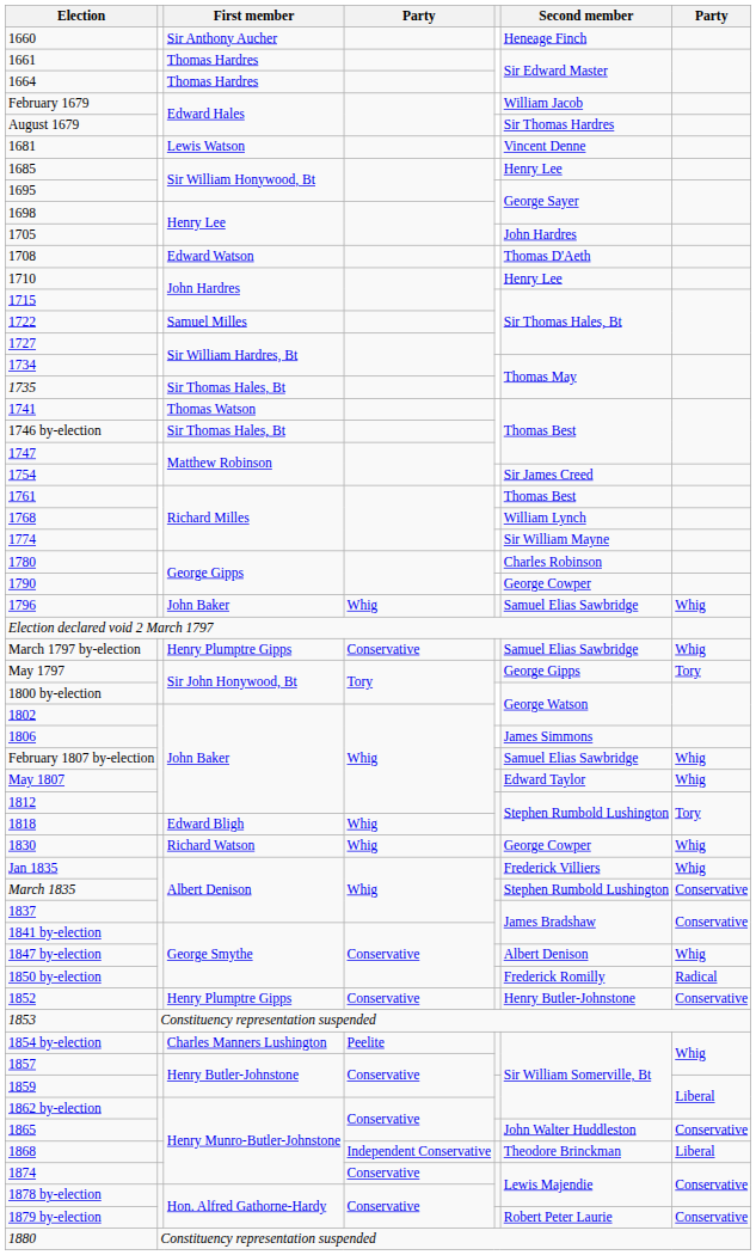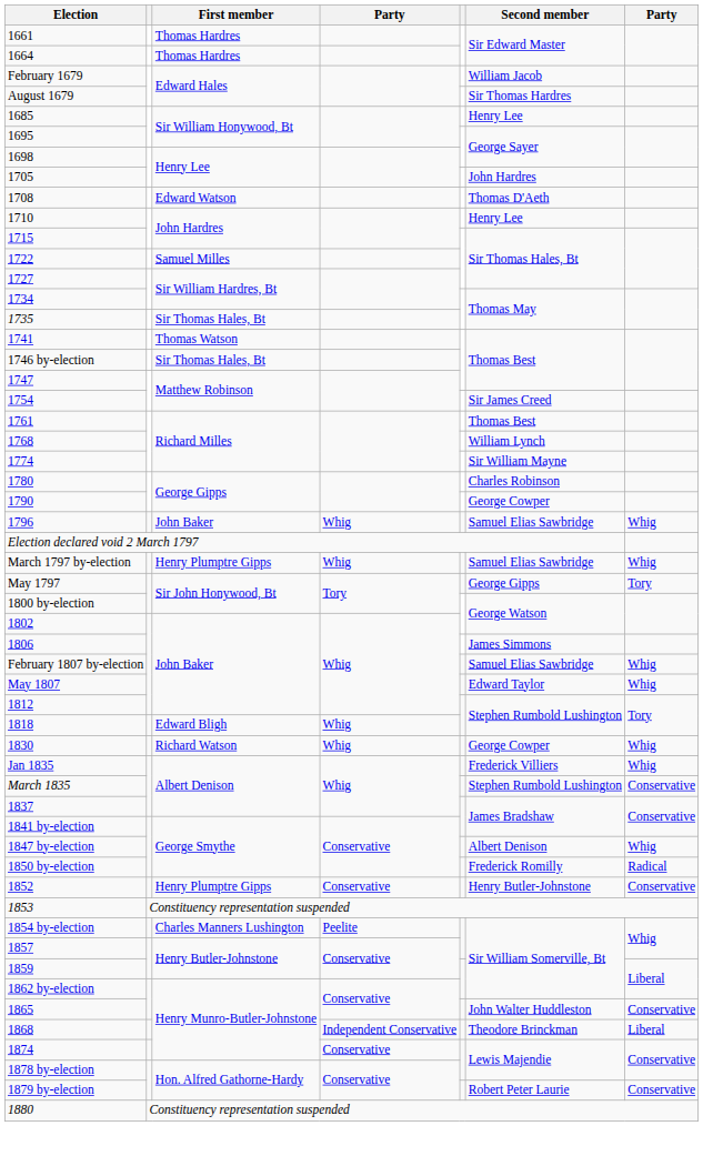 <table class="wikitable">
 <tr>
 <th>Election</th>
 <th></th>
 <th>First member</th>
 <th>Party</th>
 <th></th>
 <th>Second member</th>
 <th>Party</th>
-</tr>
-<tr>
-<td>1660</td>
-<td style="color:inherit;background-color: white"></td>
-<td><a href='#'>Sir Anthony Aucher</a></td>
-<td></td>
-<td style="color:inherit;background-color: white"></td>
-<td><a href='#'>Heneage Finch</a></td>
-<td></td>
 </tr>
 <tr>
 <td>1661</td>
 <td style="color:inherit;background-color: white"></td>
 <td><a href='#'>Thomas Hardres</a></td>
 <td></td>
 <td rowspan="2" style="color:inherit;background-color: white"></td>
 <td rowspan="2"><a href='#'>Sir Edward Master</a></td>
 <td rowspan="2"></td>
 </tr>
 <tr>
 <td>1664</td>
 <td style="color:inherit;background-color: white"></td>
 <td><a href='#'>Thomas Hardres</a></td>
 <td></td>
 </tr>
 <tr>
 <td>February 1679</td>
 <td rowspan="2" style="color:inherit;background-color: white"></td>
 <td rowspan="2"><a href='#'>Edward Hales</a></td>
 <td rowspan="2"></td>
 <td style="color:inherit;background-color: white"></td>
 <td><a href='#'>William Jacob</a></td>
 <td></td>
 </tr>
 <tr>
 <td>August 1679</td>
 <td style="color:inherit;background-color: white"></td>
 <td><a href='#'>Sir Thomas Hardres</a></td>
-<td></td>
-</tr>
-<tr>
-<td>1681</td>
-<td style="color:inherit;background-color: white"></td>
-<td><a href='#'>Lewis Watson</a></td>
-<td></td>
-<td style="color:inherit;background-color: white"></td>
-<td><a href='#'>Vincent Denne</a></td>
 <td></td>
 </tr>
 <tr>
 <td>1685</td>
 <td rowspan="2" style="color:inherit;background-color: white"></td>
 <td rowspan="2"><a href='#'>Sir William Honywood, Bt</a></td>
 <td rowspan="2"></td>
 <td style="color:inherit;background-color: white"></td>
 <td><a href='#'>Henry Lee</a></td>
 <td></td>
 </tr>
 <tr>
 <td>1695</td>
 <td rowspan="2" style="color:inherit;background-color: white"></td>
 <td rowspan="2"><a href='#'>George Sayer</a></td>
 <td rowspan="2"></td>
 </tr>
 <tr>
 <td>1698</td>
 <td rowspan="2" style="color:inherit;background-color: white"></td>
 <td rowspan="2"><a href='#'>Henry Lee</a></td>
 <td rowspan="2"></td>
 </tr>
 <tr>
 <td>1705</td>
 <td style="color:inherit;background-color: white"></td>
 <td><a href='#'>John Hardres</a></td>
 <td></td>
 </tr>
 <tr>
 <td>1708</td>
 <td style="color:inherit;background-color: white"></td>
 <td><a href='#'>Edward Watson</a></td>
 <td></td>
 <td style="color:inherit;background-color: white"></td>
 <td><a href='#'>Thomas D'Aeth</a></td>
 <td></td>
 </tr>
 <tr>
 <td>1710</td>
 <td rowspan="2" style="color:inherit;background-color: white"></td>
 <td rowspan="2"><a href='#'>John Hardres</a></td>
 <td rowspan="2"></td>
 <td style="color:inherit;background-color: white"></td>
 <td><a href='#'>Henry Lee</a></td>
 <td></td>
 </tr>
 <tr>
 <td><a href='#'>1715</a></td>
 <td rowspan="3" style="color:inherit;background-color: white"></td>
 <td rowspan="3"><a href='#'>Sir Thomas Hales, Bt</a></td>
 <td rowspan="3"></td>
 </tr>
 <tr>
 <td><a href='#'>1722</a></td>
 <td style="color:inherit;background-color: white"></td>
 <td><a href='#'>Samuel Milles</a></td>
 <td></td>
 </tr>
 <tr>
 <td><a href='#'>1727</a></td>
 <td rowspan="2" style="color:inherit;background-color: white"></td>
 <td rowspan="2"><a href='#'>Sir William Hardres, Bt</a></td>
 <td rowspan="2"></td>
 </tr>
 <tr>
 <td><a href='#'>1734</a></td>
 <td rowspan="2" style="color:inherit;background-color: white"></td>
 <td rowspan="2"><a href='#'>Thomas May</a></td>
 <td rowspan="2"></td>
 </tr>
 <tr>
 <td><em>1735</em></td>
 <td style="color:inherit;background-color: white"></td>
 <td><a href='#'>Sir Thomas Hales, Bt</a></td>
 <td></td>
 </tr>
 <tr>
 <td><a href='#'>1741</a></td>
 <td style="color:inherit;background-color: white"></td>
 <td><a href='#'>Thomas Watson</a></td>
 <td></td>
 <td rowspan="3" style="color:inherit;background-color: white"></td>
 <td rowspan="3"><a href='#'>Thomas Best</a></td>
 <td rowspan="3"></td>
 </tr>
 <tr>
 <td>1746 by-election</td>
 <td style="color:inherit;background-color: white"></td>
 <td><a href='#'>Sir Thomas Hales, Bt</a></td>
 <td></td>
 </tr>
 <tr>
 <td><a href='#'>1747</a></td>
 <td rowspan="2" style="color:inherit;background-color: white"></td>
 <td rowspan="2"><a href='#'>Matthew Robinson</a></td>
 <td rowspan="2"></td>
 </tr>
 <tr>
 <td><a href='#'>1754</a></td>
 <td style="color:inherit;background-color: white"></td>
 <td><a href='#'>Sir James Creed</a></td>
 <td></td>
 </tr>
 <tr>
 <td><a href='#'>1761</a></td>
 <td rowspan="3" style="color:inherit;background-color: white"></td>
 <td rowspan="3"><a href='#'>Richard Milles</a></td>
 <td rowspan="3"></td>
 <td style="color:inherit;background-color: white"></td>
 <td><a href='#'>Thomas Best</a></td>
 <td></td>
 </tr>
 <tr>
 <td><a href='#'>1768</a></td>
 <td style="color:inherit;background-color: white"></td>
 <td><a href='#'>William Lynch</a></td>
 <td></td>
 </tr>
 <tr>
 <td><a href='#'>1774</a></td>
 <td style="color:inherit;background-color: white"></td>
 <td><a href='#'>Sir William Mayne</a></td>
 <td></td>
 </tr>
 <tr>
 <td><a href='#'>1780</a></td>
 <td rowspan="2" style="color:inherit;background-color: white"></td>
 <td rowspan="2"><a href='#'>George Gipps</a></td>
 <td rowspan="2"></td>
 <td style="color:inherit;background-color: white"></td>
 <td><a href='#'>Charles Robinson</a></td>
 <td></td>
 </tr>
 <tr>
 <td><a href='#'>1790</a></td>
 <td style="color:inherit;background-color: white"></td>
 <td><a href='#'>George Cowper</a></td>
 <td></td>
 </tr>
 <tr>
 <td><a href='#'>1796</a></td>
 <td style="color:inherit;background-color: "></td>
 <td><a href='#'>John Baker</a></td>
 <td><a href='#'>Whig</a></td>
 <td style="color:inherit;background-color: "></td>
 <td><a href='#'>Samuel Elias Sawbridge</a></td>
 <td><a href='#'>Whig</a></td>
 </tr>
 <tr>
 <td colspan="6"><em>Election declared void 2 March 1797</em></td>
 </tr>
 <tr>
 <td>March 1797 by-election</td>
 <td style="color:inherit;background-color: "></td>
 <td><a href='#'>Henry Plumptre Gipps</a></td>
-<td><a href='#'>Conservative</a></td>
+<td><a href='#'>Whig</a></td>
 <td style="color:inherit;background-color: "></td>
 <td><a href='#'>Samuel Elias Sawbridge</a></td>
 <td><a href='#'>Whig</a></td>
 </tr>
 <tr>
 <td>May 1797</td>
 <td rowspan="2" style="color:inherit;background-color: "></td>
 <td rowspan="2"><a href='#'>Sir John Honywood, Bt</a></td>
 <td rowspan="2"><a href='#'>Tory</a></td>
 <td style="color:inherit;background-color: "></td>
 <td><a href='#'>George Gipps</a></td>
 <td><a href='#'>Tory</a></td>
 </tr>
 <tr>
 <td>1800 by-election</td>
 <td rowspan="2" style="color:inherit;background-color: white"></td>
 <td rowspan="2"><a href='#'>George Watson</a></td>
 <td rowspan="2"></td>
 </tr>
 <tr>
 <td><a href='#'>1802</a></td>
 <td rowspan="5" style="color:inherit;background-color: "></td>
 <td rowspan="5"><a href='#'>John Baker</a></td>
 <td rowspan="5"><a href='#'>Whig</a></td>
 </tr>
 <tr>
 <td><a href='#'>1806</a></td>
 <td style="color:inherit;background-color: white"></td>
 <td><a href='#'>James Simmons</a></td>
 <td></td>
 </tr>
 <tr>
 <td>February 1807 by-election</td>
 <td style="color:inherit;background-color: "></td>
 <td><a href='#'>Samuel Elias Sawbridge</a></td>
 <td><a href='#'>Whig</a></td>
 </tr>
 <tr>
 <td><a href='#'>May 1807</a></td>
 <td style="color:inherit;background-color: "></td>
 <td><a href='#'>Edward Taylor</a></td>
 <td><a href='#'>Whig</a></td>
 </tr>
 <tr>
 <td><a href='#'>1812</a></td>
 <td rowspan="2" style="color:inherit;background-color: "></td>
 <td rowspan="2"><a href='#'>Stephen Rumbold Lushington</a></td>
 <td rowspan="2"><a href='#'>Tory</a></td>
 </tr>
 <tr>
 <td><a href='#'>1818</a></td>
 <td style="color:inherit;background-color: "></td>
 <td><a href='#'>Edward Bligh</a></td>
 <td><a href='#'>Whig</a></td>
 </tr>
 <tr>
 <td><a href='#'>1830</a></td>
 <td style="color:inherit;background-color: "></td>
 <td><a href='#'>Richard Watson</a></td>
 <td><a href='#'>Whig</a></td>
 <td style="color:inherit;background-color: "></td>
 <td><a href='#'>George Cowper</a></td>
 <td><a href='#'>Whig</a></td>
 </tr>
 <tr>
 <td><a href='#'>Jan 1835</a></td>
 <td rowspan="3" style="color:inherit;background-color: "></td>
 <td rowspan="3"><a href='#'>Albert Denison</a></td>
 <td rowspan="3"><a href='#'>Whig</a></td>
 <td style="color:inherit;background-color: "></td>
 <td><a href='#'>Frederick Villiers</a></td>
 <td><a href='#'>Whig</a></td>
 </tr>
 <tr>
 <td><em>March 1835</em></td>
 <td style="color:inherit;background-color: "></td>
 <td><a href='#'>Stephen Rumbold Lushington</a></td>
 <td><a href='#'>Conservative</a></td>
 </tr>
 <tr>
 <td><a href='#'>1837</a></td>
 <td rowspan="2" style="color:inherit;background-color: "></td>
 <td rowspan="2"><a href='#'>James Bradshaw</a></td>
 <td rowspan="2"><a href='#'>Conservative</a></td>
 </tr>
 <tr>
 <td><a href='#'>1841 by-election</a></td>
 <td rowspan="3" style="color:inherit;background-color: "></td>
 <td rowspan="3"><a href='#'>George Smythe</a></td>
 <td rowspan="3"><a href='#'>Conservative</a></td>
 </tr>
 <tr>
 <td><a href='#'>1847 by-election</a></td>
 <td style="color:inherit;background-color: "></td>
 <td><a href='#'>Albert Denison</a></td>
 <td><a href='#'>Whig</a></td>
 </tr>
 <tr>
 <td><a href='#'>1850 by-election</a></td>
 <td style="color:inherit;background-color: "></td>
 <td><a href='#'>Frederick Romilly</a></td>
 <td><a href='#'>Radical</a></td>
 </tr>
 <tr>
 <td><a href='#'>1852</a></td>
 <td style="color:inherit;background: "></td>
 <td><a href='#'>Henry Plumptre Gipps</a></td>
 <td><a href='#'>Conservative</a></td>
 <td style="color:inherit;background: "></td>
 <td><a href='#'>Henry Butler-Johnstone</a></td>
 <td><a href='#'>Conservative</a></td>
 </tr>
 <tr>
 <td><em>1853</em></td>
 <td colspan="6"><em>Constituency representation suspended</em></td>
 </tr>
 <tr>
 <td><a href='#'>1854 by-election</a></td>
 <td style="color:inherit;background: "></td>
 <td><a href='#'>Charles Manners Lushington</a></td>
 <td><a href='#'>Peelite</a></td>
 <td rowspan="2" style="color:inherit;background: "></td>
 <td rowspan="4"><a href='#'>Sir William Somerville, Bt</a></td>
 <td rowspan="2"><a href='#'>Whig</a></td>
 </tr>
 <tr>
 <td><a href='#'>1857</a></td>
 <td rowspan="2" style="color:inherit;background: "></td>
 <td rowspan="2"><a href='#'>Henry Butler-Johnstone</a></td>
 <td rowspan="2"><a href='#'>Conservative</a></td>
 </tr>
 <tr>
 <td><a href='#'>1859</a></td>
 <td rowspan="2" style="color:inherit;background: "></td>
 <td rowspan="2"><a href='#'>Liberal</a></td>
 </tr>
 <tr>
 <td><a href='#'>1862 by-election</a></td>
 <td rowspan="2" style="color:inherit;background: "></td>
 <td rowspan="4"><a href='#'>Henry Munro-Butler-Johnstone</a></td>
 <td rowspan="2"><a href='#'>Conservative</a></td>
 </tr>
 <tr>
 <td><a href='#'>1865</a></td>
 <td style="color:inherit;background: "></td>
 <td><a href='#'>John Walter Huddleston</a></td>
 <td><a href='#'>Conservative</a></td>
 </tr>
 <tr>
 <td><a href='#'>1868</a></td>
 <td style="color:inherit;background: "></td>
 <td><a href='#'>Independent Conservative</a></td>
 <td style="color:inherit;background: "></td>
 <td><a href='#'>Theodore Brinckman</a></td>
 <td><a href='#'>Liberal</a></td>
 </tr>
 <tr>
 <td><a href='#'>1874</a></td>
 <td style="color:inherit;background: "></td>
 <td><a href='#'>Conservative</a></td>
 <td rowspan="2" style="color:inherit;background: "></td>
 <td rowspan="2"><a href='#'>Lewis Majendie</a></td>
 <td rowspan="2"><a href='#'>Conservative</a></td>
 </tr>
 <tr>
 <td><a href='#'>1878 by-election</a></td>
 <td rowspan="2" style="color:inherit;background: "></td>
 <td rowspan="2"><a href='#'>Hon. Alfred Gathorne-Hardy</a></td>
 <td rowspan="2"><a href='#'>Conservative</a></td>
 </tr>
 <tr>
 <td><a href='#'>1879 by-election</a></td>
 <td style="color:inherit;background: "></td>
 <td><a href='#'>Robert Peter Laurie</a></td>
 <td><a href='#'>Conservative</a></td>
 </tr>
 <tr>
 <td><em>1880</em></td>
 <td colspan="6"><em>Constituency representation suspended</em></td>
 </tr>
 </table>
